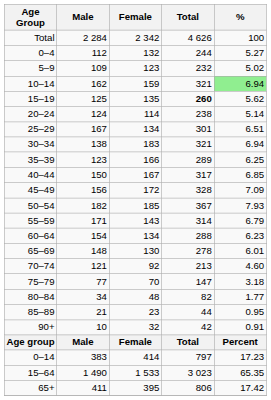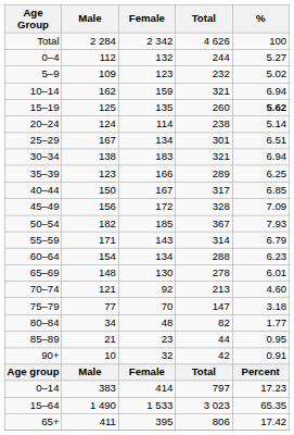 <table class="wikitable">
 <tr>
 <th width="80pt">Age Group</th>
 <th width="80pt">Male</th>
 <th width="80pt">Female</th>
 <th width="80pt">Total</th>
 <th width="80pt">%</th>
 </tr>
 <tr>
 <td align="right">Total</td>
 <td align="right">2 284</td>
 <td align="right">2 342</td>
 <td align="right">4 626</td>
 <td align="right">100</td>
 </tr>
 <tr>
 <td align="right">0–4</td>
 <td align="right">112</td>
 <td align="right">132</td>
 <td align="right">244</td>
 <td align="right">5.27</td>
 </tr>
 <tr>
 <td align="right">5–9</td>
 <td align="right">109</td>
 <td align="right">123</td>
 <td align="right">232</td>
 <td align="right">5.02</td>
 </tr>
 <tr>
 <td align="right">10–14</td>
 <td align="right">162</td>
 <td align="right">159</td>
 <td align="right">321</td>
-<td align="right" style="background: lightgreen;">6.94</td>
+<td align="right">6.94</td>
 </tr>
 <tr>
 <td align="right">15–19</td>
 <td align="right">125</td>
 <td align="right">135</td>
-<td align="right"><strong>260</strong></td>
-<td align="right">5.62</td>
+<td align="right">260</td>
+<td align="right"><strong>5.62</strong></td>
 </tr>
 <tr>
 <td align="right">20–24</td>
 <td align="right">124</td>
 <td align="right">114</td>
 <td align="right">238</td>
 <td align="right">5.14</td>
 </tr>
 <tr>
 <td align="right">25–29</td>
 <td align="right">167</td>
 <td align="right">134</td>
 <td align="right">301</td>
 <td align="right">6.51</td>
 </tr>
 <tr>
 <td align="right">30–34</td>
 <td align="right">138</td>
 <td align="right">183</td>
 <td align="right">321</td>
 <td align="right">6.94</td>
 </tr>
 <tr>
 <td align="right">35–39</td>
 <td align="right">123</td>
 <td align="right">166</td>
 <td align="right">289</td>
 <td align="right">6.25</td>
 </tr>
 <tr>
 <td align="right">40–44</td>
 <td align="right">150</td>
 <td align="right">167</td>
 <td align="right">317</td>
 <td align="right">6.85</td>
 </tr>
 <tr>
 <td align="right">45–49</td>
 <td align="right">156</td>
 <td align="right">172</td>
 <td align="right">328</td>
 <td align="right">7.09</td>
 </tr>
 <tr>
 <td align="right">50–54</td>
 <td align="right">182</td>
 <td align="right">185</td>
 <td align="right">367</td>
 <td align="right">7.93</td>
 </tr>
 <tr>
 <td align="right">55–59</td>
 <td align="right">171</td>
 <td align="right">143</td>
 <td align="right">314</td>
 <td align="right">6.79</td>
 </tr>
 <tr>
 <td align="right">60–64</td>
 <td align="right">154</td>
 <td align="right">134</td>
 <td align="right">288</td>
 <td align="right">6.23</td>
 </tr>
 <tr>
 <td align="right">65–69</td>
 <td align="right">148</td>
 <td align="right">130</td>
 <td align="right">278</td>
 <td align="right">6.01</td>
 </tr>
 <tr>
 <td align="right">70–74</td>
 <td align="right">121</td>
 <td align="right">92</td>
 <td align="right">213</td>
 <td align="right">4.60</td>
 </tr>
 <tr>
 <td align="right">75–79</td>
 <td align="right">77</td>
 <td align="right">70</td>
 <td align="right">147</td>
 <td align="right">3.18</td>
 </tr>
 <tr>
 <td align="right">80–84</td>
 <td align="right">34</td>
 <td align="right">48</td>
 <td align="right">82</td>
 <td align="right">1.77</td>
 </tr>
 <tr>
 <td align="right">85–89</td>
 <td align="right">21</td>
 <td align="right">23</td>
 <td align="right">44</td>
 <td align="right">0.95</td>
 </tr>
 <tr>
 <td align="right">90+</td>
 <td align="right">10</td>
 <td align="right">32</td>
 <td align="right">42</td>
 <td align="right">0.91</td>
 </tr>
 <tr>
 <th width="50">Age group</th>
 <th width="80pt">Male</th>
 <th width="80">Female</th>
 <th width="80">Total</th>
 <th width="50">Percent</th>
 </tr>
 <tr>
 <td align="right">0–14</td>
 <td align="right">383</td>
 <td align="right">414</td>
 <td align="right">797</td>
 <td align="right">17.23</td>
 </tr>
 <tr>
 <td align="right">15–64</td>
 <td align="right">1 490</td>
 <td align="right">1 533</td>
 <td align="right">3 023</td>
 <td align="right">65.35</td>
 </tr>
 <tr>
 <td align="right">65+</td>
 <td align="right">411</td>
 <td align="right">395</td>
 <td align="right">806</td>
 <td align="right">17.42</td>
 </tr>
 <tr>
 </tr>
 </table>
